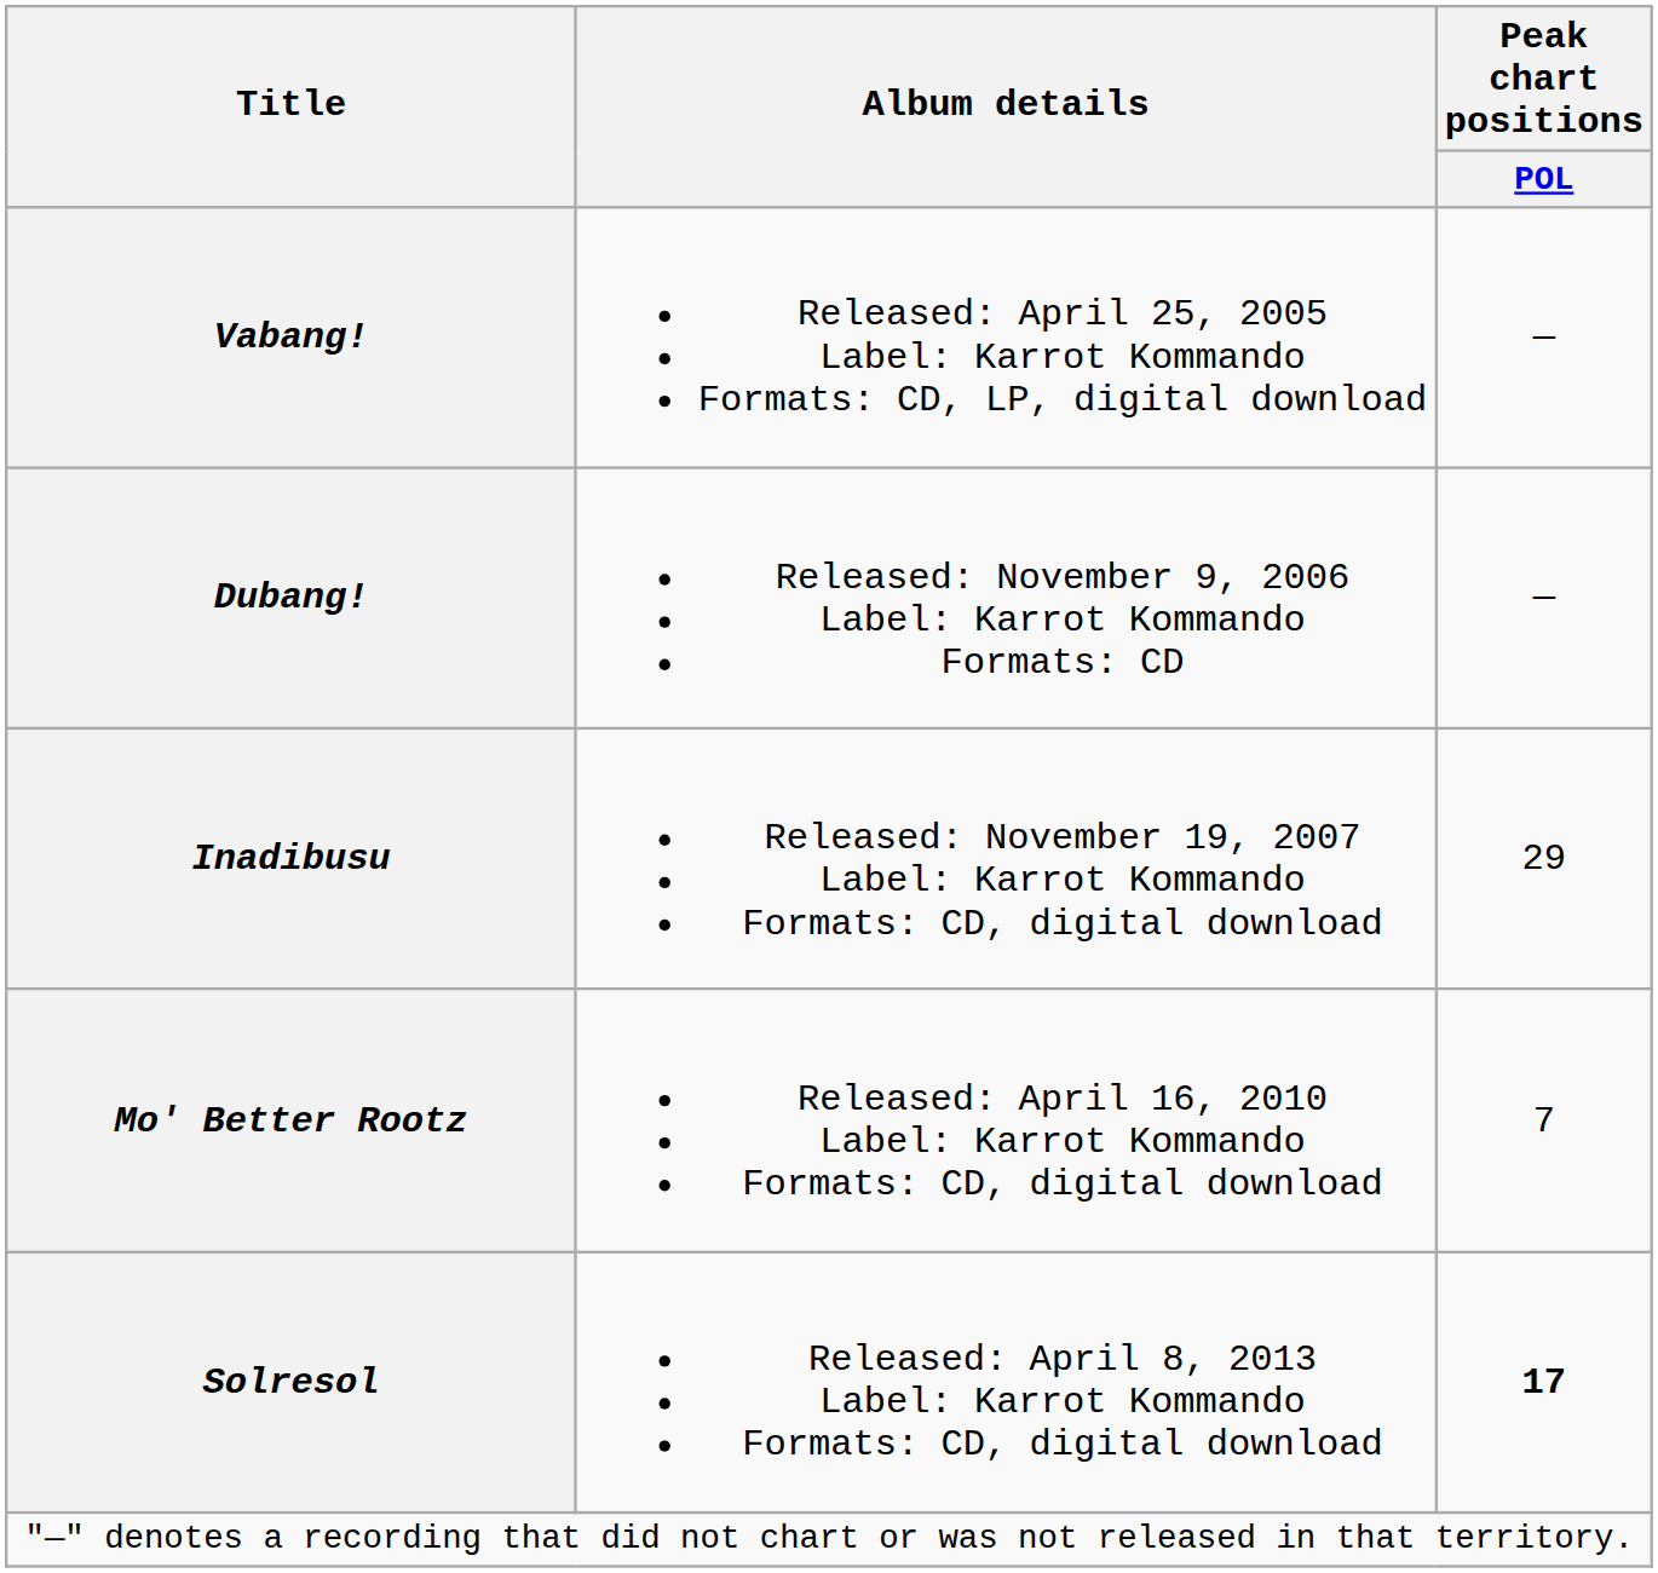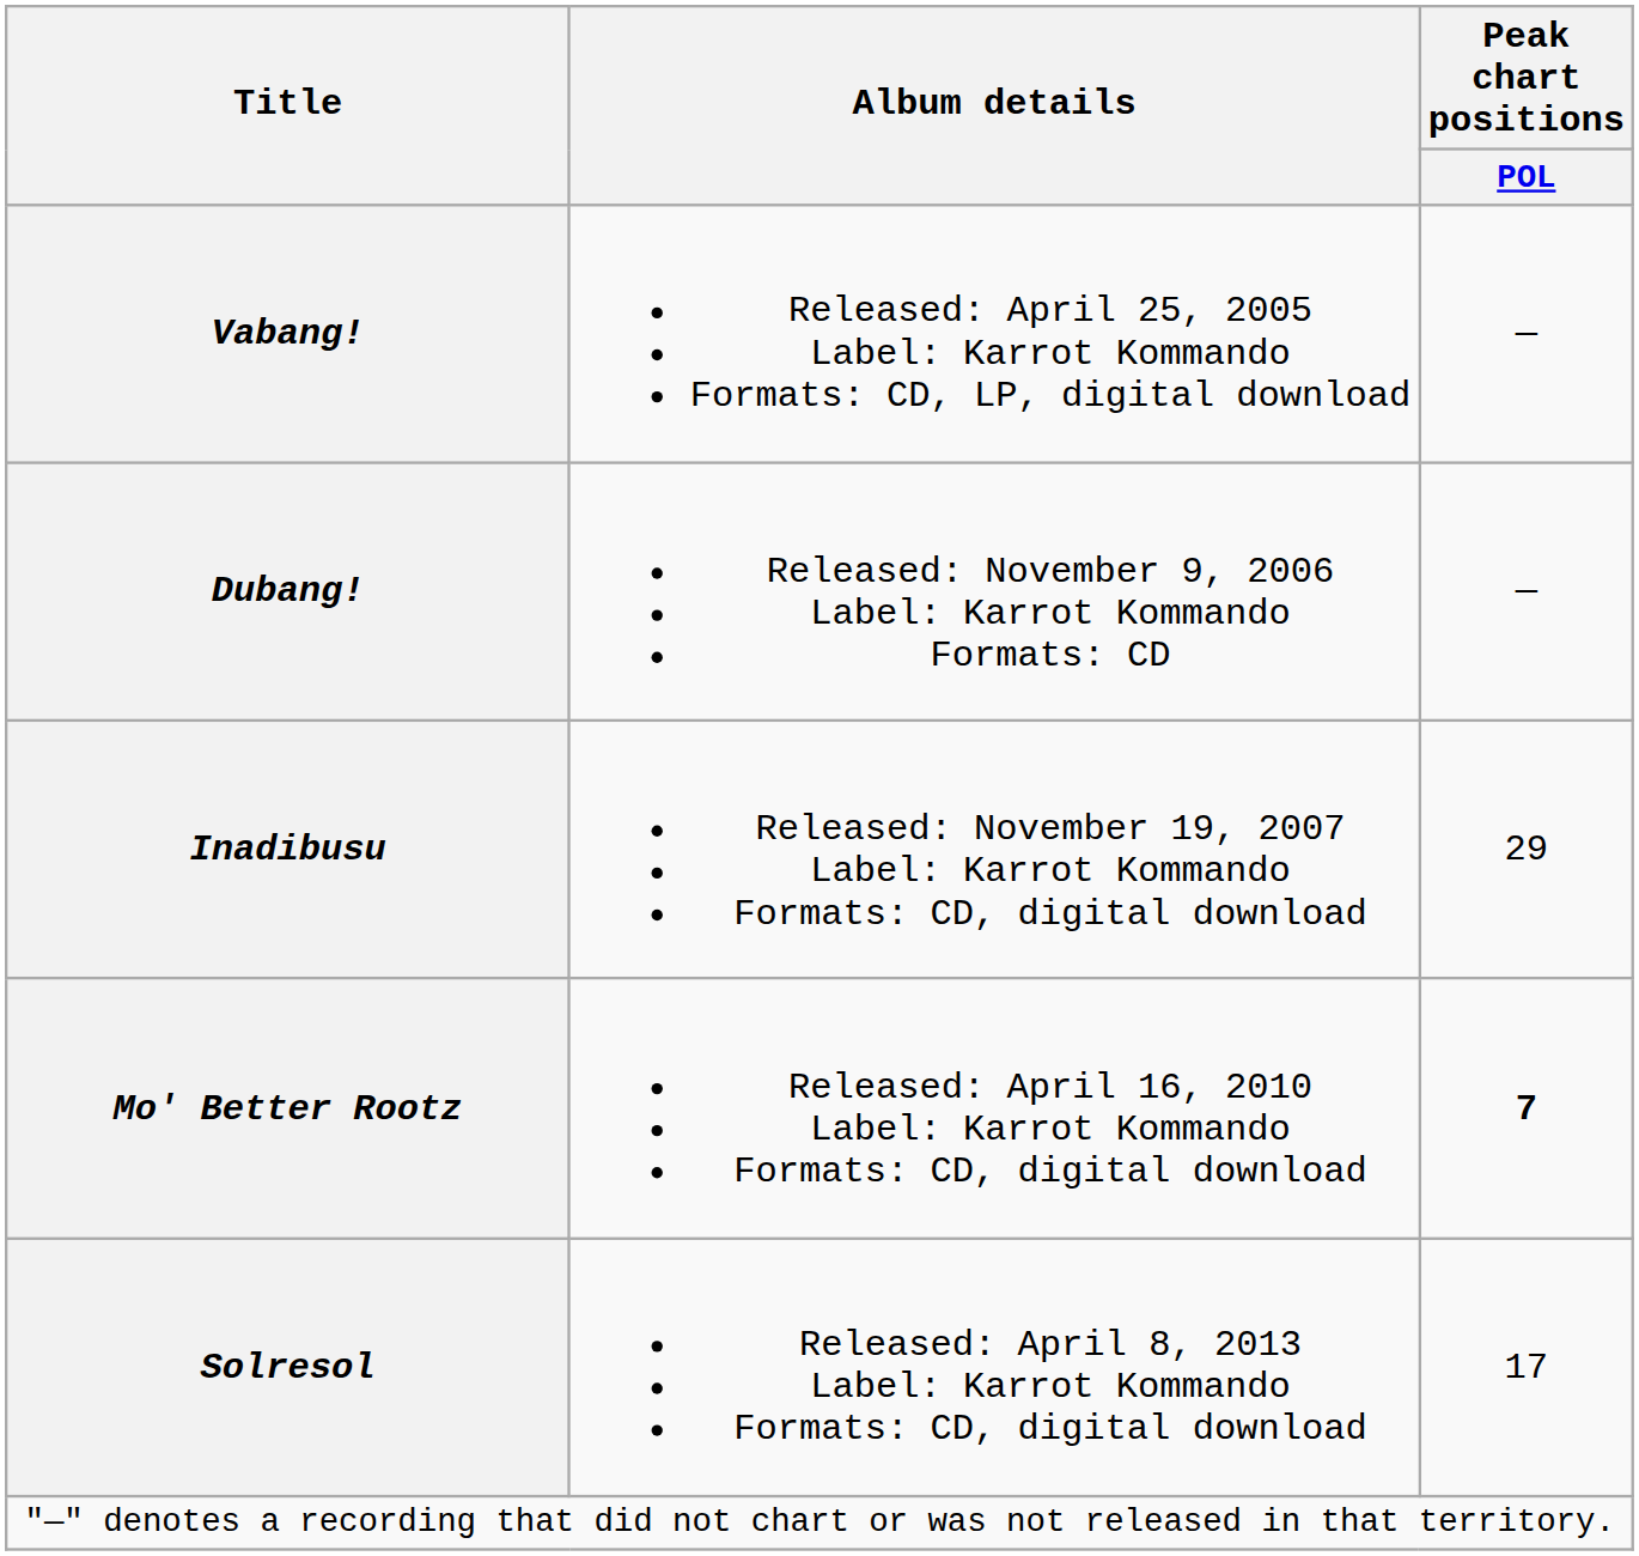 <table class="wikitable plainrowheaders" style="text-align:center;">
 <tr>
 <th scope="col" rowspan="2" style="width:15em;">Title</th>
 <th scope="col" rowspan="2">Album details</th>
 <th scope="col" colspan="1">Peak chart positions</th>
 </tr>
 <tr>
 <th scope="col" style="width:3em;font-size:90%;"><a href='#'>POL</a><br></th>
 </tr>
 <tr>
 <th scope="row"><em>Vabang!</em></th>
 <td><br><ul><li>Released: April 25, 2005</li><li>Label: Karrot Kommando</li><li>Formats: CD, LP, digital download</li></ul></td>
 <td>—</td>
 </tr>
 <tr>
 <th scope="row"><em>Dubang!</em></th>
 <td><br><ul><li>Released: November 9, 2006</li><li>Label: Karrot Kommando</li><li>Formats: CD</li></ul></td>
 <td>—</td>
 </tr>
 <tr>
 <th scope="row"><em>Inadibusu</em></th>
 <td><br><ul><li>Released: November 19, 2007</li><li>Label: Karrot Kommando</li><li>Formats: CD, digital download</li></ul></td>
 <td>29</td>
 </tr>
 <tr>
 <th scope="row"><em>Mo' Better Rootz</em></th>
 <td><br><ul><li>Released: April 16, 2010</li><li>Label: Karrot Kommando</li><li>Formats: CD, digital download</li></ul></td>
-<td>7</td>
+<td><strong>7</strong></td>
 </tr>
 <tr>
 <th scope="row"><em>Solresol</em></th>
 <td><br><ul><li>Released: April 8, 2013</li><li>Label: Karrot Kommando</li><li>Formats: CD, digital download</li></ul></td>
-<td><strong>17</strong></td>
+<td>17</td>
 </tr>
 <tr>
 <td colspan="10" style="font-size:90%">"—" denotes a recording that did not chart or was not released in that territory.</td>
 </tr>
 </table>
